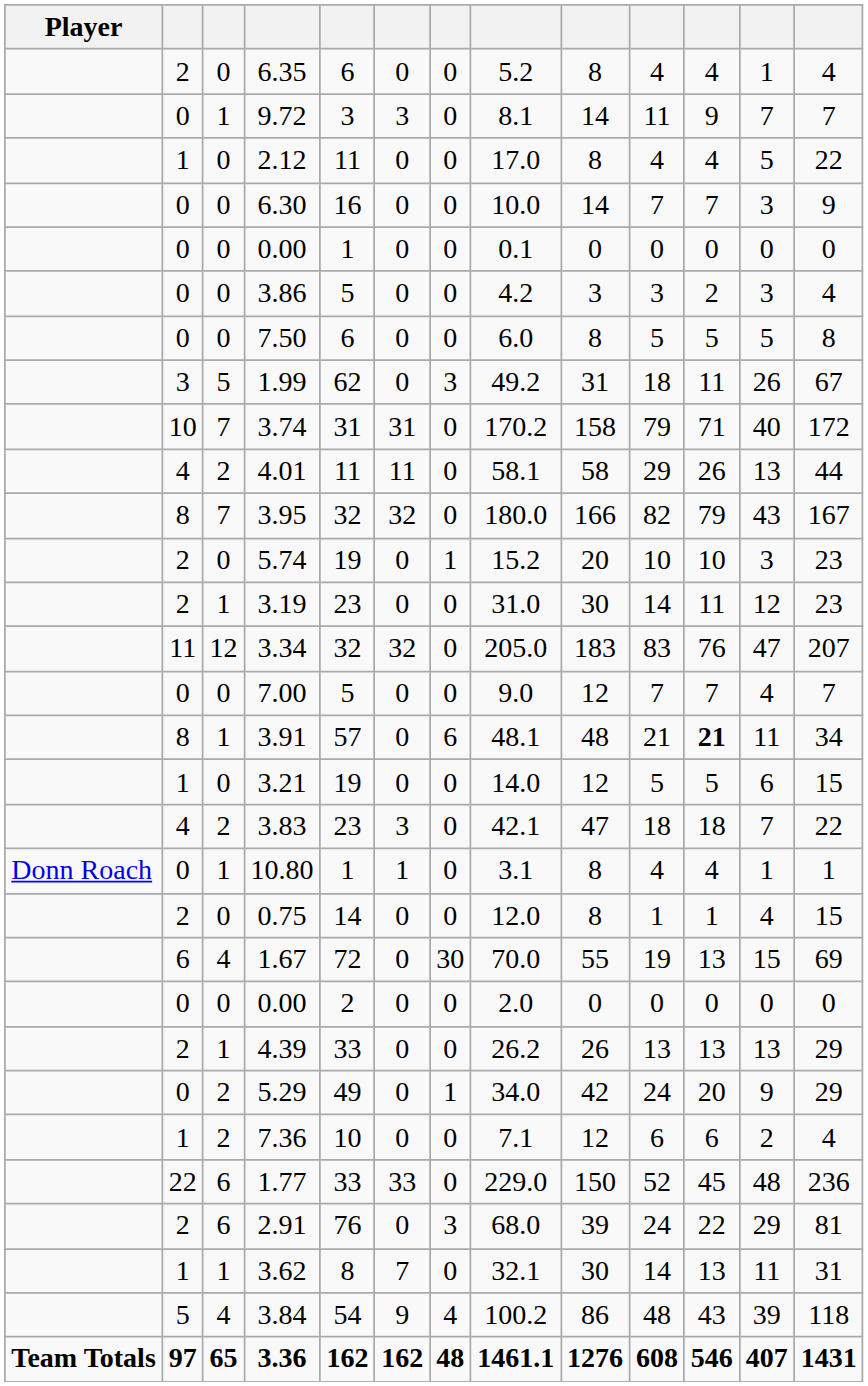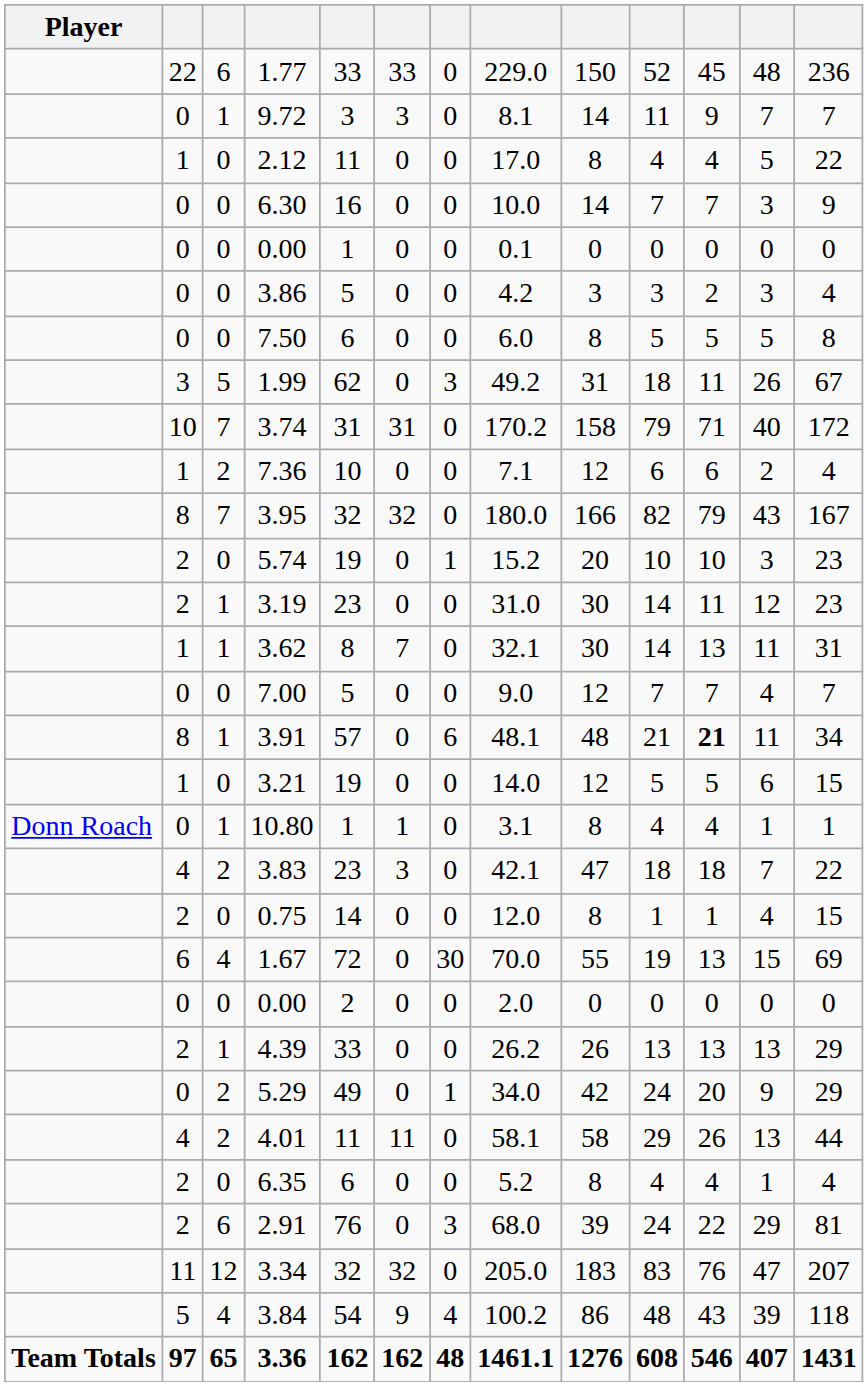 <table class="wikitable sortable" style="text-align:center;">
 <tr>
 <th>Player</th>
 <th></th>
 <th></th>
 <th></th>
 <th></th>
 <th></th>
 <th></th>
 <th></th>
 <th></th>
 <th></th>
 <th></th>
 <th></th>
 <th></th>
 </tr>
 <tr>
 <td align=left></td>
-<td>2</td>
+<td>22</td>
+<td>6</td>
+<td>1.77</td>
+<td>33</td>
+<td>33</td>
 <td>0</td>
-<td>6.35</td>
-<td>6</td>
-<td>0</td>
-<td>0</td>
-<td>5.2</td>
-<td>8</td>
-<td>4</td>
-<td>4</td>
-<td>1</td>
-<td>4</td>
+<td>229.0</td>
+<td>150</td>
+<td>52</td>
+<td>45</td>
+<td>48</td>
+<td>236</td>
 </tr>
 <tr>
 <td align=left></td>
 <td>0</td>
 <td>1</td>
 <td>9.72</td>
 <td>3</td>
 <td>3</td>
 <td>0</td>
 <td>8.1</td>
 <td>14</td>
 <td>11</td>
 <td>9</td>
 <td>7</td>
 <td>7</td>
 </tr>
 <tr>
 <td align=left></td>
 <td>1</td>
 <td>0</td>
 <td>2.12</td>
 <td>11</td>
 <td>0</td>
 <td>0</td>
 <td>17.0</td>
 <td>8</td>
 <td>4</td>
 <td>4</td>
 <td>5</td>
 <td>22</td>
 </tr>
 <tr>
 <td align=left></td>
 <td>0</td>
 <td>0</td>
 <td>6.30</td>
 <td>16</td>
 <td>0</td>
 <td>0</td>
 <td>10.0</td>
 <td>14</td>
 <td>7</td>
 <td>7</td>
 <td>3</td>
 <td>9</td>
 </tr>
 <tr>
 <td align=left></td>
 <td>0</td>
 <td>0</td>
 <td>0.00</td>
 <td>1</td>
 <td>0</td>
 <td>0</td>
 <td>0.1</td>
 <td>0</td>
 <td>0</td>
 <td>0</td>
 <td>0</td>
 <td>0</td>
 </tr>
 <tr>
 <td align=left></td>
 <td>0</td>
 <td>0</td>
 <td>3.86</td>
 <td>5</td>
 <td>0</td>
 <td>0</td>
 <td>4.2</td>
 <td>3</td>
 <td>3</td>
 <td>2</td>
 <td>3</td>
 <td>4</td>
 </tr>
 <tr>
 <td align=left></td>
 <td>0</td>
 <td>0</td>
 <td>7.50</td>
 <td>6</td>
 <td>0</td>
 <td>0</td>
 <td>6.0</td>
 <td>8</td>
 <td>5</td>
 <td>5</td>
 <td>5</td>
 <td>8</td>
 </tr>
 <tr>
 <td align=left></td>
 <td>3</td>
 <td>5</td>
 <td>1.99</td>
 <td>62</td>
 <td>0</td>
 <td>3</td>
 <td>49.2</td>
 <td>31</td>
 <td>18</td>
 <td>11</td>
 <td>26</td>
 <td>67</td>
 </tr>
 <tr>
 <td align=left></td>
 <td>10</td>
 <td>7</td>
 <td>3.74</td>
 <td>31</td>
 <td>31</td>
 <td>0</td>
 <td>170.2</td>
 <td>158</td>
 <td>79</td>
 <td>71</td>
 <td>40</td>
 <td>172</td>
 </tr>
 <tr>
 <td align=left></td>
+<td>1</td>
+<td>2</td>
+<td>7.36</td>
+<td>10</td>
+<td>0</td>
+<td>0</td>
+<td>7.1</td>
+<td>12</td>
+<td>6</td>
+<td>6</td>
+<td>2</td>
 <td>4</td>
-<td>2</td>
-<td>4.01</td>
-<td>11</td>
-<td>11</td>
-<td>0</td>
-<td>58.1</td>
-<td>58</td>
-<td>29</td>
-<td>26</td>
-<td>13</td>
-<td>44</td>
 </tr>
 <tr>
 <td align=left></td>
 <td>8</td>
 <td>7</td>
 <td>3.95</td>
 <td>32</td>
 <td>32</td>
 <td>0</td>
 <td>180.0</td>
 <td>166</td>
 <td>82</td>
 <td>79</td>
 <td>43</td>
 <td>167</td>
 </tr>
 <tr>
 <td align=left></td>
 <td>2</td>
 <td>0</td>
 <td>5.74</td>
 <td>19</td>
 <td>0</td>
 <td>1</td>
 <td>15.2</td>
 <td>20</td>
 <td>10</td>
 <td>10</td>
 <td>3</td>
 <td>23</td>
 </tr>
 <tr>
 <td align=left></td>
 <td>2</td>
 <td>1</td>
 <td>3.19</td>
 <td>23</td>
 <td>0</td>
 <td>0</td>
 <td>31.0</td>
 <td>30</td>
 <td>14</td>
 <td>11</td>
 <td>12</td>
 <td>23</td>
 </tr>
 <tr>
 <td align=left></td>
+<td>1</td>
+<td>1</td>
+<td>3.62</td>
+<td>8</td>
+<td>7</td>
+<td>0</td>
+<td>32.1</td>
+<td>30</td>
+<td>14</td>
+<td>13</td>
 <td>11</td>
-<td>12</td>
-<td>3.34</td>
-<td>32</td>
-<td>32</td>
-<td>0</td>
-<td>205.0</td>
-<td>183</td>
-<td>83</td>
-<td>76</td>
-<td>47</td>
-<td>207</td>
+<td>31</td>
 </tr>
 <tr>
 <td align=left></td>
 <td>0</td>
 <td>0</td>
 <td>7.00</td>
 <td>5</td>
 <td>0</td>
 <td>0</td>
 <td>9.0</td>
 <td>12</td>
 <td>7</td>
 <td>7</td>
 <td>4</td>
 <td>7</td>
 </tr>
 <tr>
 <td align=left></td>
 <td>8</td>
 <td>1</td>
 <td>3.91</td>
 <td>57</td>
 <td>0</td>
 <td>6</td>
 <td>48.1</td>
 <td>48</td>
 <td>21</td>
 <td><strong>21</strong></td>
 <td>11</td>
 <td>34</td>
 </tr>
 <tr>
 <td align=left></td>
 <td>1</td>
 <td>0</td>
 <td>3.21</td>
 <td>19</td>
 <td>0</td>
 <td>0</td>
 <td>14.0</td>
 <td>12</td>
 <td>5</td>
 <td>5</td>
 <td>6</td>
 <td>15</td>
 </tr>
 <tr>
+<td align=left><a href='#'>Donn Roach</a></td>
+<td>0</td>
+<td>1</td>
+<td>10.80</td>
+<td>1</td>
+<td>1</td>
+<td>0</td>
+<td>3.1</td>
+<td>8</td>
+<td>4</td>
+<td>4</td>
+<td>1</td>
+<td>1</td>
+</tr>
+<tr>
 <td align=left></td>
 <td>4</td>
 <td>2</td>
 <td>3.83</td>
 <td>23</td>
 <td>3</td>
 <td>0</td>
 <td>42.1</td>
 <td>47</td>
 <td>18</td>
 <td>18</td>
 <td>7</td>
 <td>22</td>
-</tr>
-<tr>
-<td align=left><a href='#'>Donn Roach</a></td>
-<td>0</td>
-<td>1</td>
-<td>10.80</td>
-<td>1</td>
-<td>1</td>
-<td>0</td>
-<td>3.1</td>
-<td>8</td>
-<td>4</td>
-<td>4</td>
-<td>1</td>
-<td>1</td>
 </tr>
 <tr>
 <td align=left></td>
 <td>2</td>
 <td>0</td>
 <td>0.75</td>
 <td>14</td>
 <td>0</td>
 <td>0</td>
 <td>12.0</td>
 <td>8</td>
 <td>1</td>
 <td>1</td>
 <td>4</td>
 <td>15</td>
 </tr>
 <tr>
 <td align=left></td>
 <td>6</td>
 <td>4</td>
 <td>1.67</td>
 <td>72</td>
 <td>0</td>
 <td>30</td>
 <td>70.0</td>
 <td>55</td>
 <td>19</td>
 <td>13</td>
 <td>15</td>
 <td>69</td>
 </tr>
 <tr>
 <td align=left></td>
 <td>0</td>
 <td>0</td>
 <td>0.00</td>
 <td>2</td>
 <td>0</td>
 <td>0</td>
 <td>2.0</td>
 <td>0</td>
 <td>0</td>
 <td>0</td>
 <td>0</td>
 <td>0</td>
 </tr>
 <tr>
 <td align=left></td>
 <td>2</td>
 <td>1</td>
 <td>4.39</td>
 <td>33</td>
 <td>0</td>
 <td>0</td>
 <td>26.2</td>
 <td>26</td>
 <td>13</td>
 <td>13</td>
 <td>13</td>
 <td>29</td>
 </tr>
 <tr>
 <td align=left></td>
 <td>0</td>
 <td>2</td>
 <td>5.29</td>
 <td>49</td>
 <td>0</td>
 <td>1</td>
 <td>34.0</td>
 <td>42</td>
 <td>24</td>
 <td>20</td>
 <td>9</td>
 <td>29</td>
 </tr>
 <tr>
 <td align=left></td>
-<td>1</td>
+<td>4</td>
 <td>2</td>
-<td>7.36</td>
-<td>10</td>
+<td>4.01</td>
+<td>11</td>
+<td>11</td>
 <td>0</td>
-<td>0</td>
-<td>7.1</td>
-<td>12</td>
-<td>6</td>
-<td>6</td>
-<td>2</td>
-<td>4</td>
+<td>58.1</td>
+<td>58</td>
+<td>29</td>
+<td>26</td>
+<td>13</td>
+<td>44</td>
 </tr>
 <tr>
 <td align=left></td>
-<td>22</td>
+<td>2</td>
+<td>0</td>
+<td>6.35</td>
 <td>6</td>
-<td>1.77</td>
-<td>33</td>
-<td>33</td>
 <td>0</td>
-<td>229.0</td>
-<td>150</td>
-<td>52</td>
-<td>45</td>
-<td>48</td>
-<td>236</td>
+<td>0</td>
+<td>5.2</td>
+<td>8</td>
+<td>4</td>
+<td>4</td>
+<td>1</td>
+<td>4</td>
 </tr>
 <tr>
 <td align=left></td>
 <td>2</td>
 <td>6</td>
 <td>2.91</td>
 <td>76</td>
 <td>0</td>
 <td>3</td>
 <td>68.0</td>
 <td>39</td>
 <td>24</td>
 <td>22</td>
 <td>29</td>
 <td>81</td>
 </tr>
 <tr>
 <td align=left></td>
-<td>1</td>
-<td>1</td>
-<td>3.62</td>
-<td>8</td>
-<td>7</td>
+<td>11</td>
+<td>12</td>
+<td>3.34</td>
+<td>32</td>
+<td>32</td>
 <td>0</td>
-<td>32.1</td>
-<td>30</td>
-<td>14</td>
-<td>13</td>
-<td>11</td>
-<td>31</td>
+<td>205.0</td>
+<td>183</td>
+<td>83</td>
+<td>76</td>
+<td>47</td>
+<td>207</td>
 </tr>
 <tr>
 <td align=left></td>
 <td>5</td>
 <td>4</td>
 <td>3.84</td>
 <td>54</td>
 <td>9</td>
 <td>4</td>
 <td>100.2</td>
 <td>86</td>
 <td>48</td>
 <td>43</td>
 <td>39</td>
 <td>118</td>
 </tr>
 <tr>
 <td align=left><strong>Team Totals</strong></td>
 <td><strong>97</strong></td>
 <td><strong>65</strong></td>
 <td><strong>3.36</strong></td>
 <td><strong>162</strong></td>
 <td><strong>162</strong></td>
 <td><strong>48</strong></td>
 <td><strong>1461.1</strong></td>
 <td><strong>1276</strong></td>
 <td><strong>608</strong></td>
 <td><strong>546</strong></td>
 <td><strong>407</strong></td>
 <td><strong>1431</strong></td>
 </tr>
 <tr class=="sortbottom">
 </tr>
 </table>
